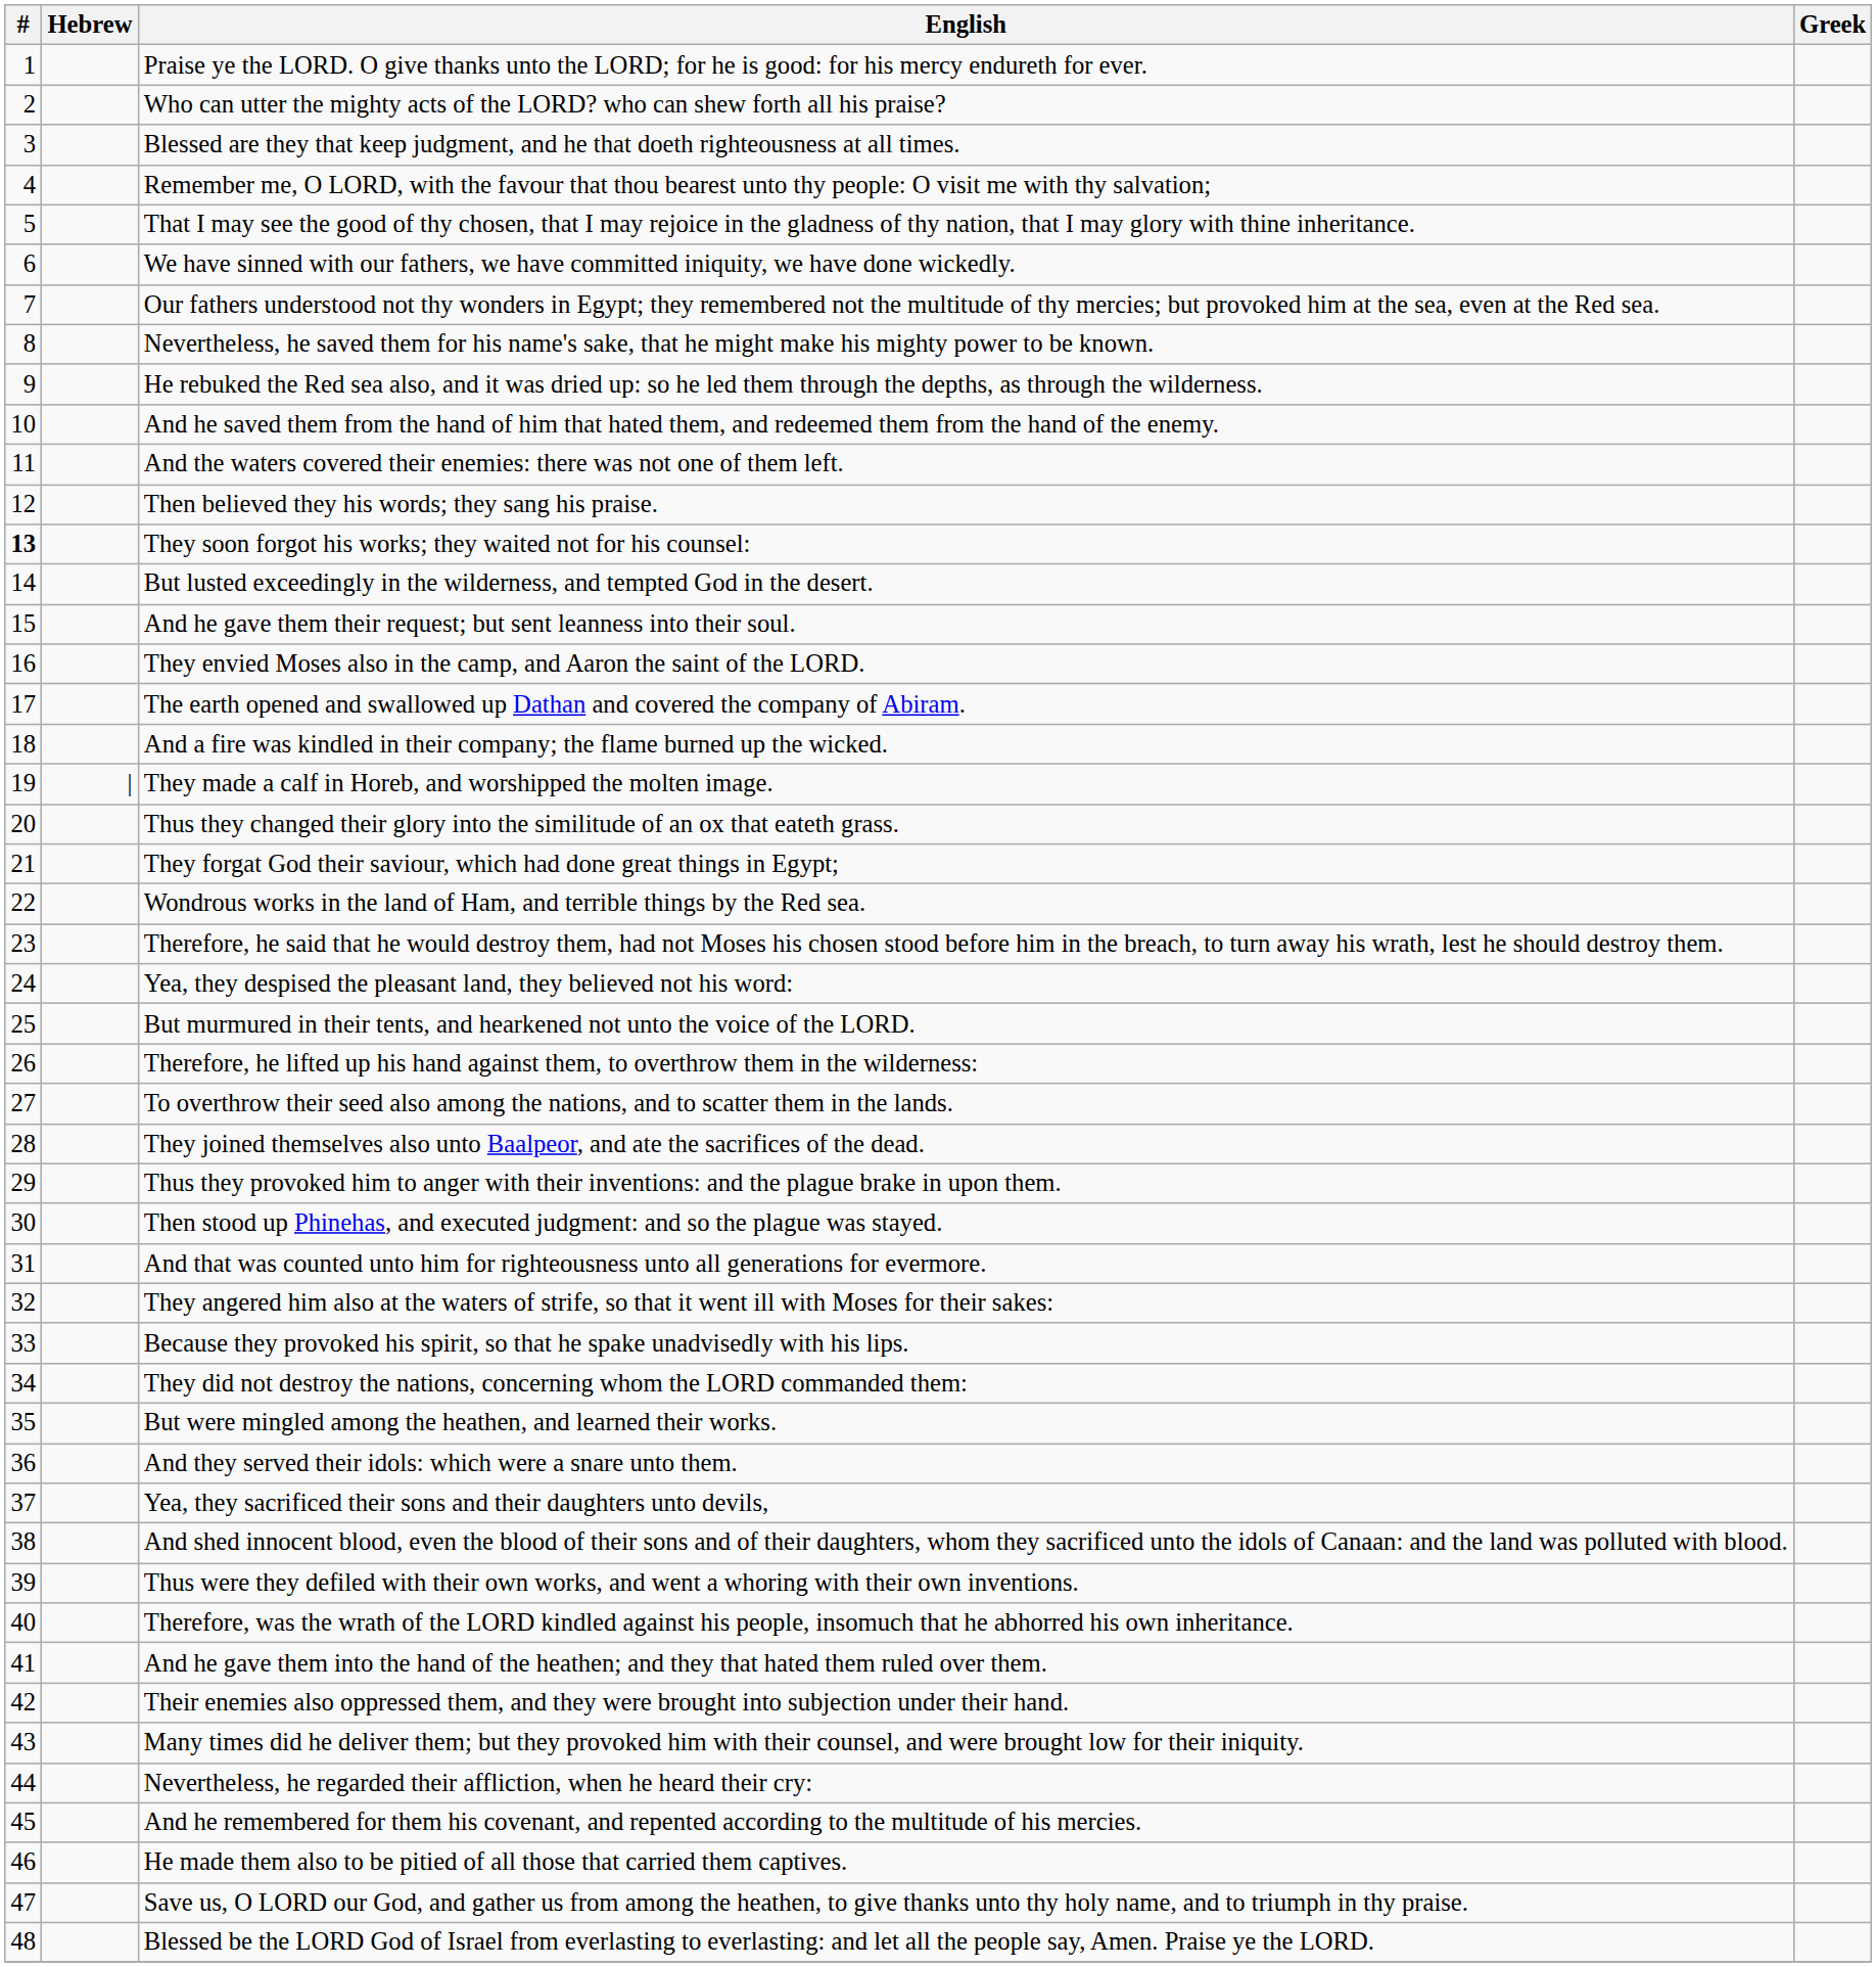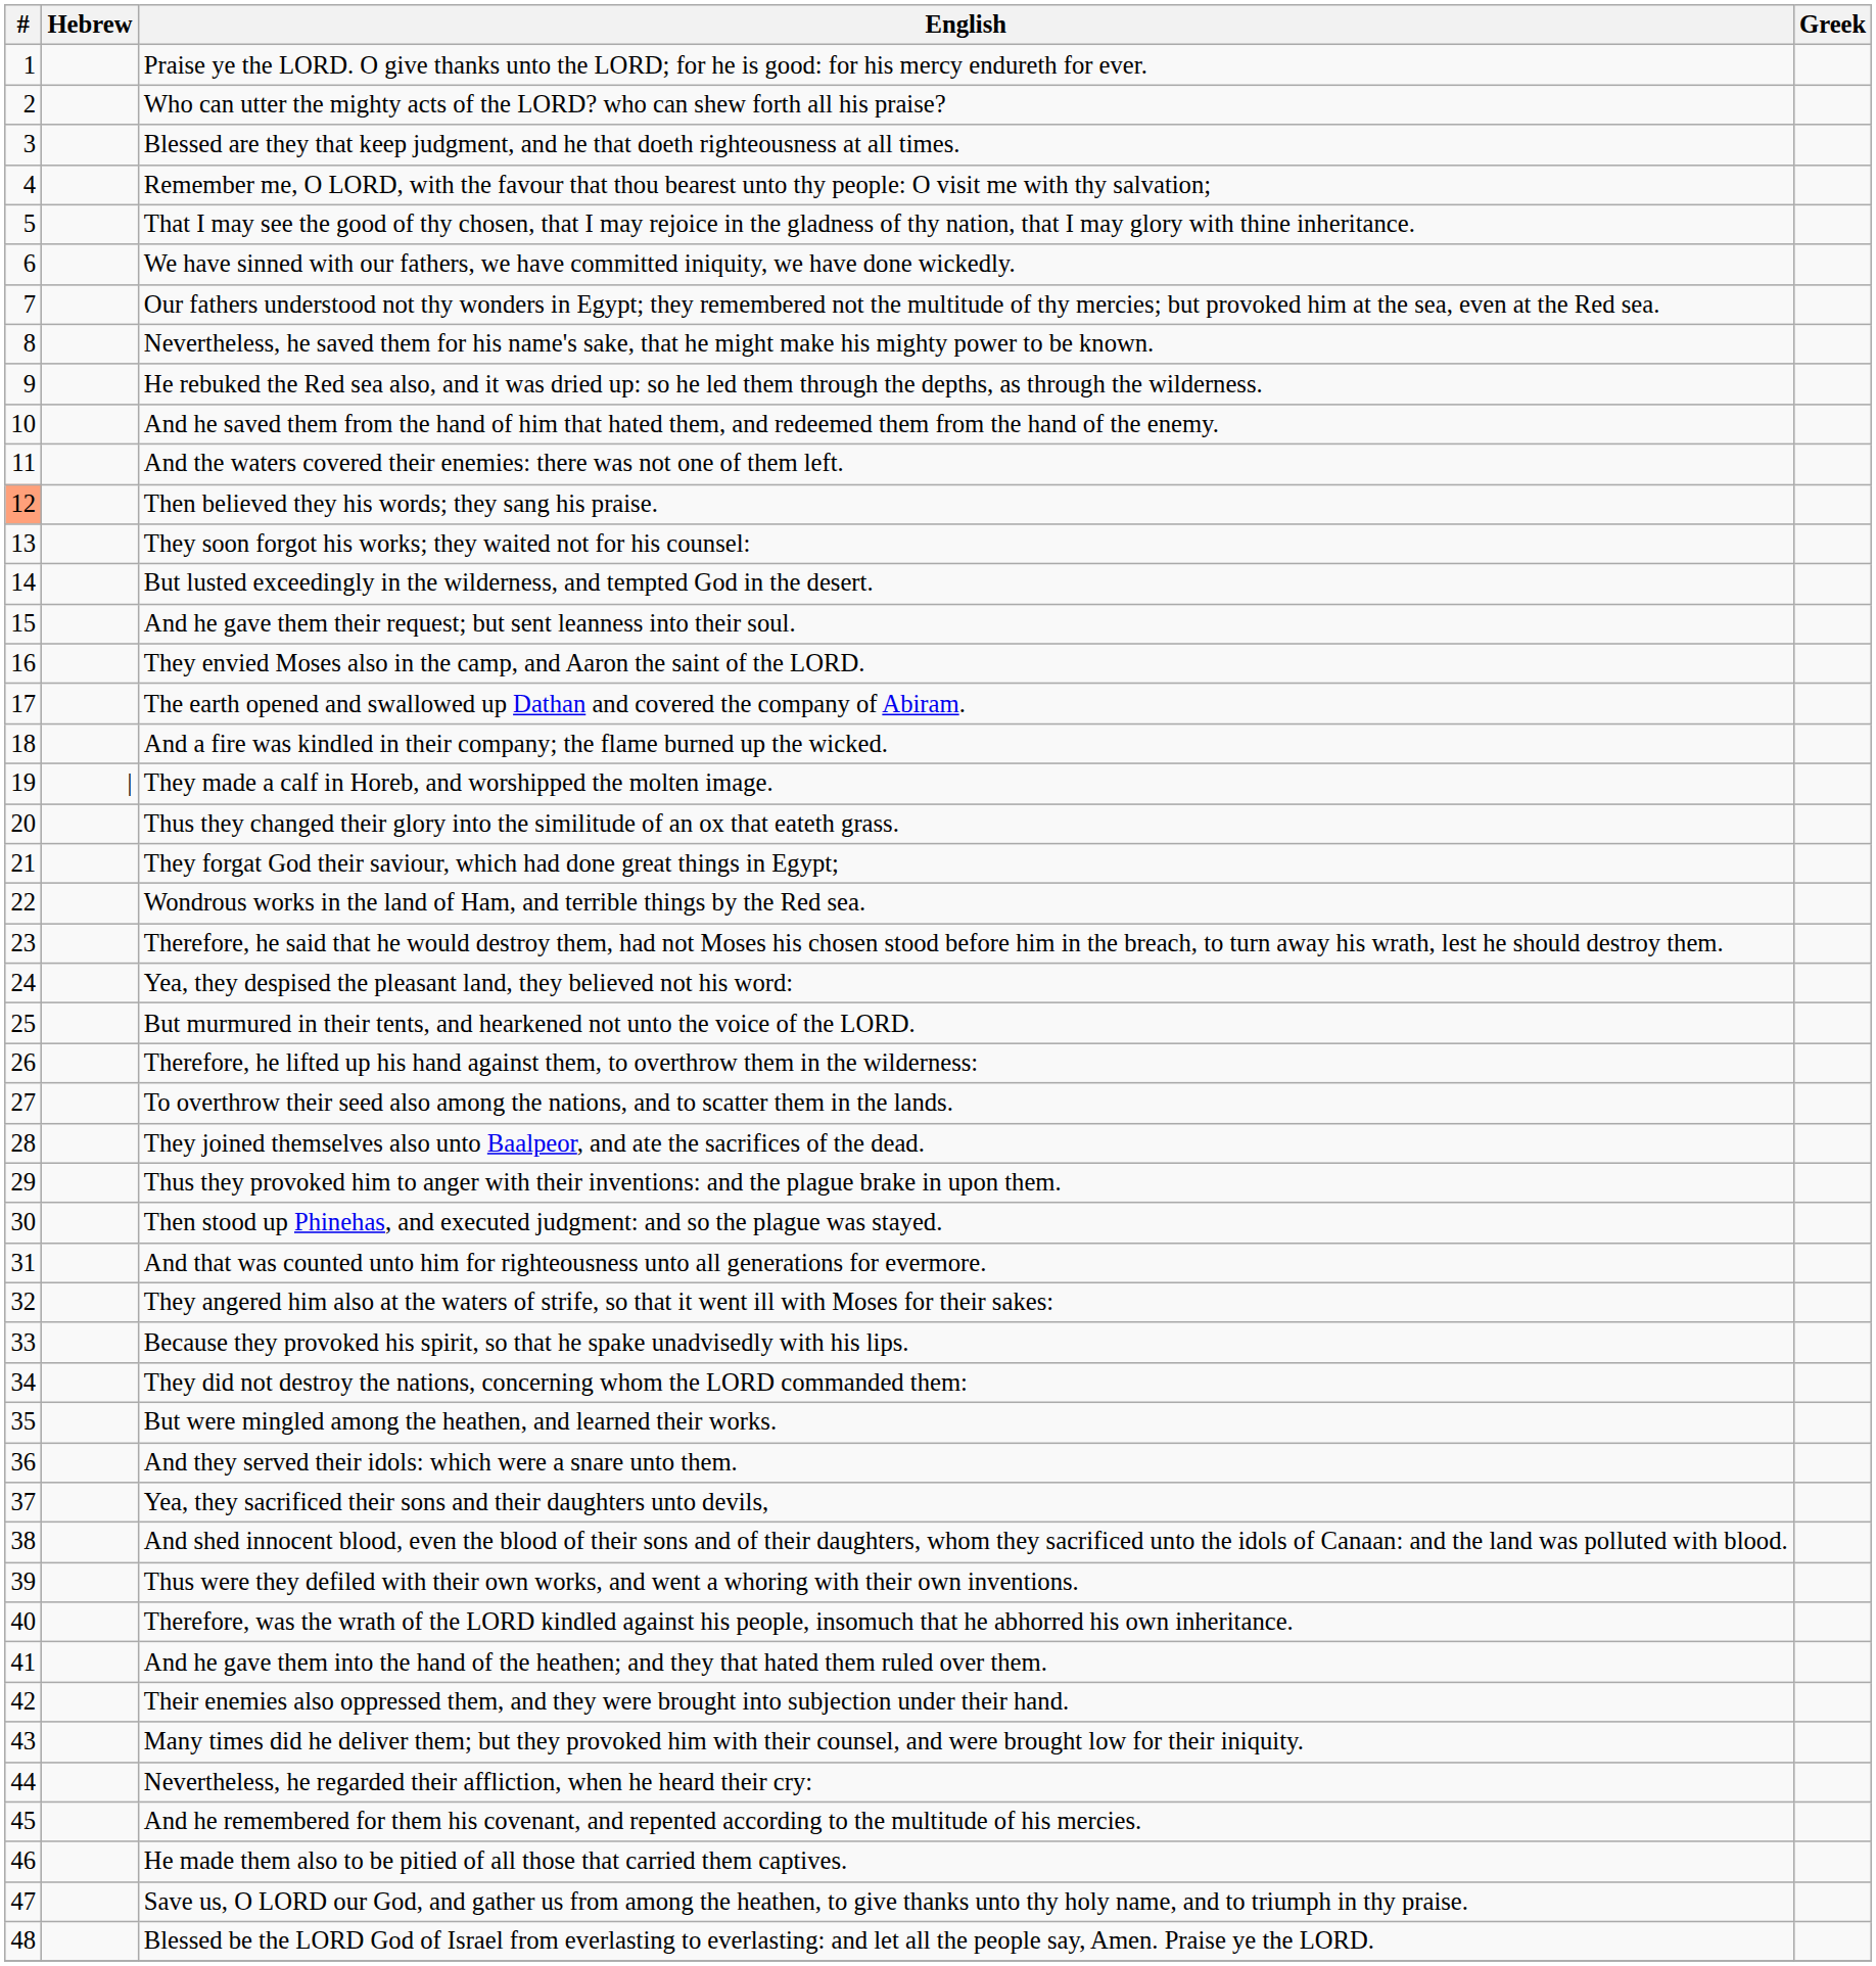 <table class=wikitable>
 <tr>
 <th>#</th>
 <th>Hebrew</th>
 <th>English</th>
 <th>Greek</th>
 </tr>
 <tr>
 <td style="text-align:right">1</td>
 <td style="text-align:right"></td>
 <td>Praise ye the LORD. O give thanks unto the LORD; for he is good: for his mercy endureth for ever.</td>
 <td></td>
 </tr>
 <tr>
 <td style="text-align:right">2</td>
 <td style="text-align:right"></td>
 <td>Who can utter the mighty acts of the LORD? who can shew forth all his praise?</td>
 <td></td>
 </tr>
 <tr>
 <td style="text-align:right">3</td>
 <td style="text-align:right"></td>
 <td>Blessed are they that keep judgment, and he that doeth righteousness at all times.</td>
 <td></td>
 </tr>
 <tr>
 <td style="text-align:right">4</td>
 <td style="text-align:right"></td>
 <td>Remember me, O LORD, with the favour that thou bearest unto thy people: O visit me with thy salvation;</td>
 <td></td>
 </tr>
 <tr>
 <td style="text-align:right">5</td>
 <td style="text-align:right"></td>
 <td>That I may see the good of thy chosen, that I may rejoice in the gladness of thy nation, that I may glory with thine inheritance.</td>
 <td></td>
 </tr>
 <tr>
 <td style="text-align:right">6</td>
 <td style="text-align:right"></td>
 <td>We have sinned with our fathers, we have committed iniquity, we have done wickedly.</td>
 <td></td>
 </tr>
 <tr>
 <td style="text-align:right">7</td>
 <td style="text-align:right"></td>
 <td>Our fathers understood not thy wonders in Egypt; they remembered not the multitude of thy mercies; but provoked him at the sea, even at the Red sea.</td>
 <td></td>
 </tr>
 <tr>
 <td style="text-align:right">8</td>
 <td style="text-align:right"></td>
 <td>Nevertheless, he saved them for his name's sake, that he might make his mighty power to be known.</td>
 <td></td>
 </tr>
 <tr>
 <td style="text-align:right">9</td>
 <td style="text-align:right"></td>
 <td>He rebuked the Red sea also, and it was dried up: so he led them through the depths, as through the wilderness.</td>
 <td></td>
 </tr>
 <tr>
 <td style="text-align:right">10</td>
 <td style="text-align:right"></td>
 <td>And he saved them from the hand of him that hated them, and redeemed them from the hand of the enemy.</td>
 <td></td>
 </tr>
 <tr>
 <td style="text-align:right">11</td>
 <td style="text-align:right"></td>
 <td>And the waters covered their enemies: there was not one of them left.</td>
 <td></td>
 </tr>
 <tr>
-<td style="text-align:right">12</td>
+<td style="background: lightsalmon; text-align:right">12</td>
 <td style="text-align:right"></td>
 <td>Then believed they his words; they sang his praise.</td>
 <td></td>
 </tr>
 <tr>
-<td style="text-align:right"><strong>13</strong></td>
+<td style="text-align:right">13</td>
 <td style="text-align:right"></td>
 <td>They soon forgot his works; they waited not for his counsel:</td>
 <td></td>
 </tr>
 <tr>
 <td style="text-align:right">14</td>
 <td style="text-align:right"></td>
 <td>But lusted exceedingly in the wilderness, and tempted God in the desert.</td>
 <td></td>
 </tr>
 <tr>
 <td style="text-align:right">15</td>
 <td style="text-align:right"></td>
 <td>And he gave them their request; but sent leanness into their soul.</td>
 <td></td>
 </tr>
 <tr>
 <td style="text-align:right">16</td>
 <td style="text-align:right"></td>
 <td>They envied Moses also in the camp, and Aaron the saint of the LORD.</td>
 <td></td>
 </tr>
 <tr>
 <td style="text-align:right">17</td>
 <td style="text-align:right"></td>
 <td>The earth opened and swallowed up <a href='#'>Dathan</a> and covered the company of <a href='#'>Abiram</a>.</td>
 <td></td>
 </tr>
 <tr>
 <td style="text-align:right">18</td>
 <td style="text-align:right"></td>
 <td>And a fire was kindled in their company; the flame burned up the wicked.</td>
 <td></td>
 </tr>
 <tr>
 <td style="text-align:right">19</td>
 <td style="text-align:right">|</td>
 <td>They made a calf in Horeb, and worshipped the molten image.</td>
 <td></td>
 </tr>
 <tr>
 <td style="text-align:right">20</td>
 <td style="text-align:right"></td>
 <td>Thus they changed their glory into the similitude of an ox that eateth grass.</td>
 <td></td>
 </tr>
 <tr>
 <td style="text-align:right">21</td>
 <td style="text-align:right"></td>
 <td>They forgat God their saviour, which had done great things in Egypt;</td>
 <td></td>
 </tr>
 <tr>
 <td style="text-align:right">22</td>
 <td style="text-align:right"></td>
 <td>Wondrous works in the land of Ham, and terrible things by the Red sea.</td>
 <td></td>
 </tr>
 <tr>
 <td style="text-align:right">23</td>
 <td style="text-align:right"></td>
 <td>Therefore, he said that he would destroy them, had not Moses his chosen stood before him in the breach, to turn away his wrath, lest he should destroy them.</td>
 <td></td>
 </tr>
 <tr>
 <td style="text-align:right">24</td>
 <td style="text-align:right"></td>
 <td>Yea, they despised the pleasant land, they believed not his word:</td>
 <td></td>
 </tr>
 <tr>
 <td style="text-align:right">25</td>
 <td style="text-align:right"></td>
 <td>But murmured in their tents, and hearkened not unto the voice of the LORD.</td>
 <td></td>
 </tr>
 <tr>
 <td style="text-align:right">26</td>
 <td style="text-align:right"></td>
 <td>Therefore, he lifted up his hand against them, to overthrow them in the wilderness:</td>
 <td></td>
 </tr>
 <tr>
 <td style="text-align:right">27</td>
 <td style="text-align:right"></td>
 <td>To overthrow their seed also among the nations, and to scatter them in the lands.</td>
 <td></td>
 </tr>
 <tr>
 <td style="text-align:right">28</td>
 <td style="text-align:right"></td>
 <td>They joined themselves also unto <a href='#'>Baalpeor</a>, and ate the sacrifices of the dead.</td>
 <td></td>
 </tr>
 <tr>
 <td style="text-align:right">29</td>
 <td style="text-align:right"></td>
 <td>Thus they provoked him to anger with their inventions: and the plague brake in upon them.</td>
 <td></td>
 </tr>
 <tr>
 <td style="text-align:right">30</td>
 <td style="text-align:right"></td>
 <td>Then stood up <a href='#'>Phinehas</a>, and executed judgment: and so the plague was stayed.</td>
 <td></td>
 </tr>
 <tr>
 <td style="text-align:right">31</td>
 <td style="text-align:right"></td>
 <td>And that was counted unto him for righteousness unto all generations for evermore.</td>
 <td></td>
 </tr>
 <tr>
 <td style="text-align:right">32</td>
 <td style="text-align:right"></td>
 <td>They angered him also at the waters of strife, so that it went ill with Moses for their sakes:</td>
 <td></td>
 </tr>
 <tr>
 <td style="text-align:right">33</td>
 <td style="text-align:right"></td>
 <td>Because they provoked his spirit, so that he spake unadvisedly with his lips.</td>
 <td></td>
 </tr>
 <tr>
 <td style="text-align:right">34</td>
 <td style="text-align:right"></td>
 <td>They did not destroy the nations, concerning whom the LORD commanded them:</td>
 <td></td>
 </tr>
 <tr>
 <td style="text-align:right">35</td>
 <td style="text-align:right"></td>
 <td>But were mingled among the heathen, and learned their works.</td>
 <td></td>
 </tr>
 <tr>
 <td style="text-align:right">36</td>
 <td style="text-align:right"></td>
 <td>And they served their idols: which were a snare unto them.</td>
 <td></td>
 </tr>
 <tr>
 <td style="text-align:right">37</td>
 <td style="text-align:right"></td>
 <td>Yea, they sacrificed their sons and their daughters unto devils,</td>
 <td></td>
 </tr>
 <tr>
 <td style="text-align:right">38</td>
 <td style="text-align:right"></td>
 <td>And shed innocent blood, even the blood of their sons and of their daughters, whom they sacrificed unto the idols of Canaan: and the land was polluted with blood.</td>
 <td></td>
 </tr>
 <tr>
 <td style="text-align:right">39</td>
 <td style="text-align:right"></td>
 <td>Thus were they defiled with their own works, and went a whoring with their own inventions.</td>
 <td></td>
 </tr>
 <tr>
 <td style="text-align:right">40</td>
 <td style="text-align:right"></td>
 <td>Therefore, was the wrath of the LORD kindled against his people, insomuch that he abhorred his own inheritance.</td>
 <td></td>
 </tr>
 <tr>
 <td style="text-align:right">41</td>
 <td style="text-align:right"></td>
 <td>And he gave them into the hand of the heathen; and they that hated them ruled over them.</td>
 <td></td>
 </tr>
 <tr>
 <td style="text-align:right">42</td>
 <td style="text-align:right"></td>
 <td>Their enemies also oppressed them, and they were brought into subjection under their hand.</td>
 <td></td>
 </tr>
 <tr>
 <td style="text-align:right">43</td>
 <td style="text-align:right"></td>
 <td>Many times did he deliver them; but they provoked him with their counsel, and were brought low for their iniquity.</td>
 <td></td>
 </tr>
 <tr>
 <td style="text-align:right">44</td>
 <td style="text-align:right"></td>
 <td>Nevertheless, he regarded their affliction, when he heard their cry:</td>
 <td></td>
 </tr>
 <tr>
 <td style="text-align:right">45</td>
 <td style="text-align:right"></td>
 <td>And he remembered for them his covenant, and repented according to the multitude of his mercies.</td>
 <td></td>
 </tr>
 <tr>
 <td style="text-align:right">46</td>
 <td style="text-align:right"></td>
 <td>He made them also to be pitied of all those that carried them captives.</td>
 <td></td>
 </tr>
 <tr>
 <td style="text-align:right">47</td>
 <td style="text-align:right"></td>
 <td>Save us, O LORD our God, and gather us from among the heathen, to give thanks unto thy holy name, and to triumph in thy praise.</td>
 <td></td>
 </tr>
 <tr>
 <td style="text-align:right">48</td>
 <td style="text-align:right"></td>
 <td>Blessed be the LORD God of Israel from everlasting to everlasting: and let all the people say, Amen. Praise ye the LORD.</td>
 <td></td>
 </tr>
 <tr>
 </tr>
 </table>
